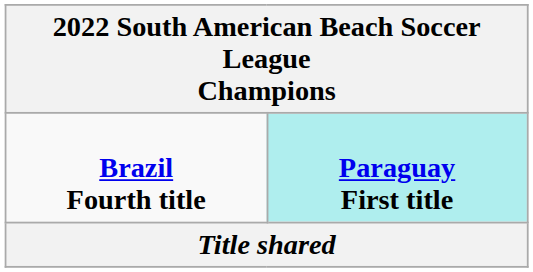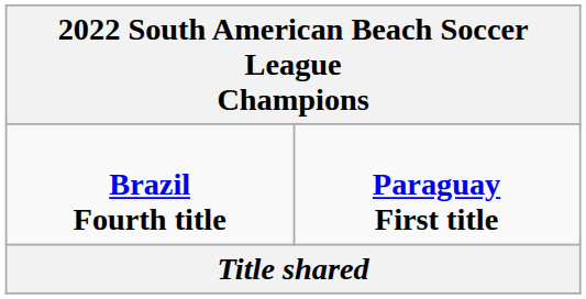 <table class="wikitable" style="margin: 0 auto;">
 <tr>
 <th colspan="2">2022 South American Beach Soccer League<br>Champions</th>
 </tr>
 <tr>
 <td align=center width=140><br><strong><a href='#'>Brazil</a></strong><br><strong>Fourth title</strong> <br></td>
-<td align=center width=140 style="background: paleturquoise;"><br><strong><a href='#'>Paraguay</a></strong><br><strong>First title</strong> <br></td>
+<td align=center width=140><br><strong><a href='#'>Paraguay</a></strong><br><strong>First title</strong> <br></td>
 </tr>
 <tr>
 <th colspan="2"><em>Title shared</em></th>
 </tr>
 </table>
